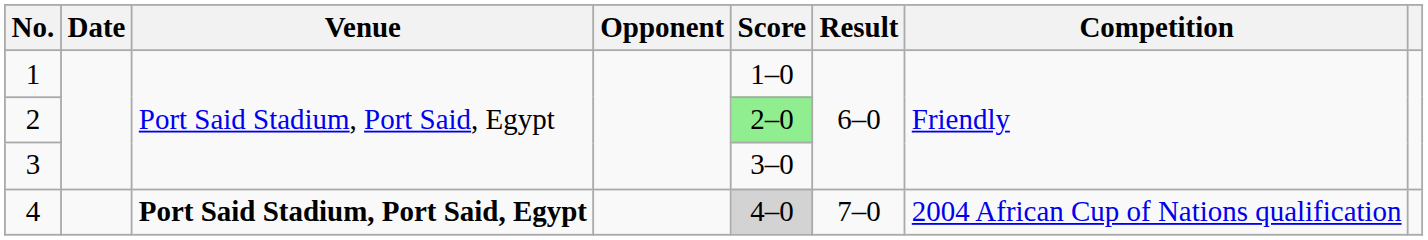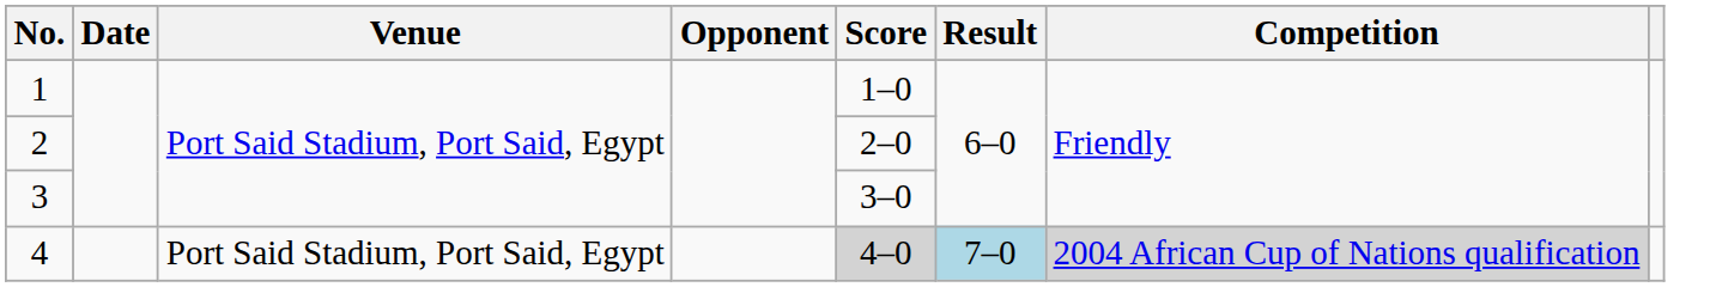 <table class="wikitable sortable">
 <tr>
 <th scope="col">No.</th>
 <th scope="col">Date</th>
 <th scope="col">Venue</th>
 <th scope="col">Opponent</th>
 <th scope="col">Score</th>
 <th scope="col">Result</th>
 <th scope="col">Competition</th>
 <th scope="col" class="unsortable"></th>
 </tr>
 <tr>
 <td style="text-align:center">1</td>
 <td rowspan="3"></td>
 <td rowspan="3"><a href='#'>Port Said Stadium</a>, <a href='#'>Port Said</a>, Egypt</td>
 <td rowspan="3"></td>
 <td style="text-align:center">1–0</td>
 <td rowspan="3" style="text-align:center">6–0</td>
 <td rowspan="3"><a href='#'>Friendly</a></td>
 <td rowspan="3"></td>
 </tr>
 <tr>
 <td style="text-align:center">2</td>
-<td style="background: lightgreen; text-align:center">2–0</td>
+<td style="text-align:center">2–0</td>
 </tr>
 <tr>
 <td style="text-align:center">3</td>
 <td style="text-align:center">3–0</td>
 </tr>
 <tr>
 <td style="text-align:center">4</td>
 <td></td>
-<td><strong>Port Said Stadium, Port Said, Egypt</strong></td>
+<td>Port Said Stadium, Port Said, Egypt</td>
 <td></td>
 <td style="background: lightgrey; text-align:center">4–0</td>
-<td style="text-align:center">7–0</td>
-<td><a href='#'>2004 African Cup of Nations qualification</a></td>
+<td style="background: lightblue; text-align:center">7–0</td>
+<td style="background: lightgrey;"><a href='#'>2004 African Cup of Nations qualification</a></td>
 <td></td>
 </tr>
 </table>
